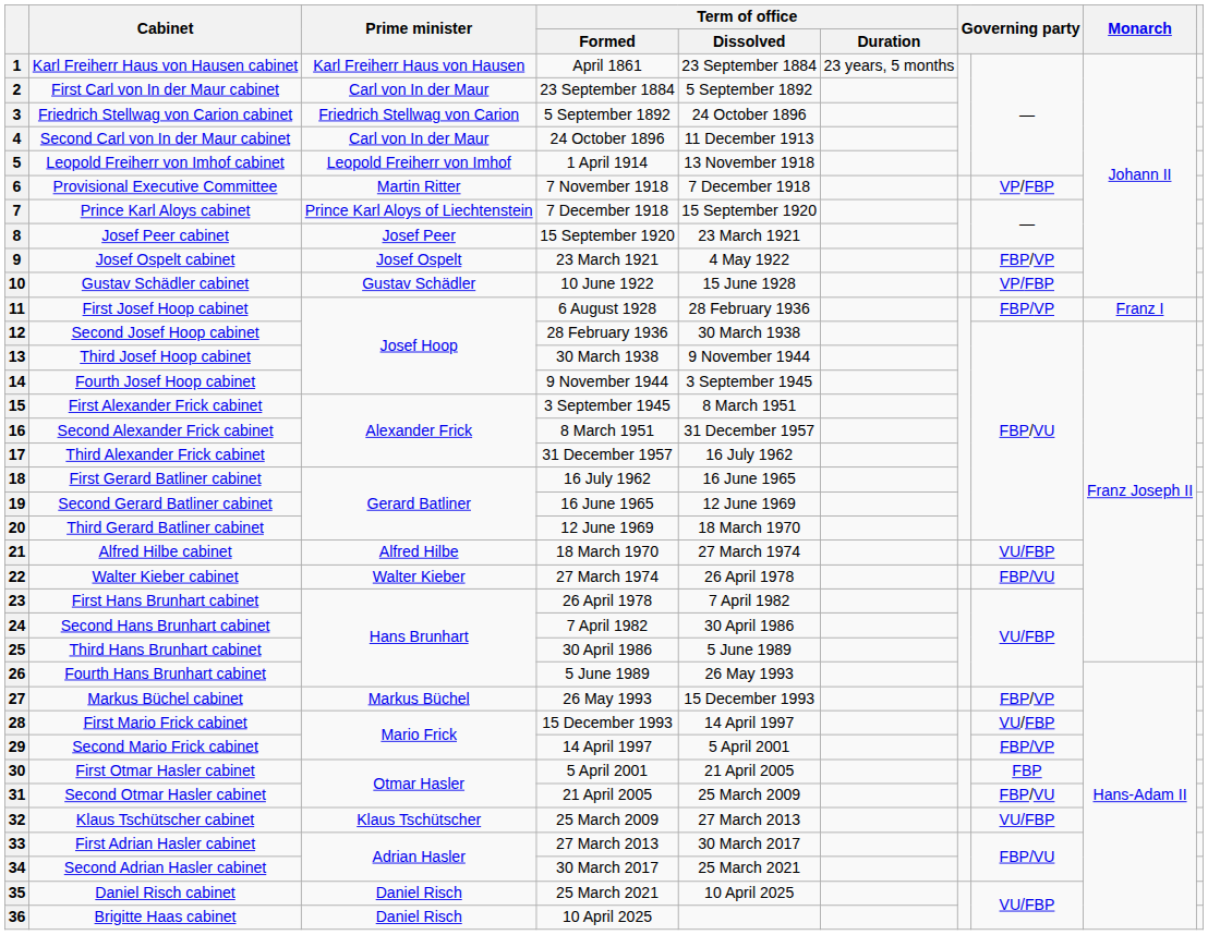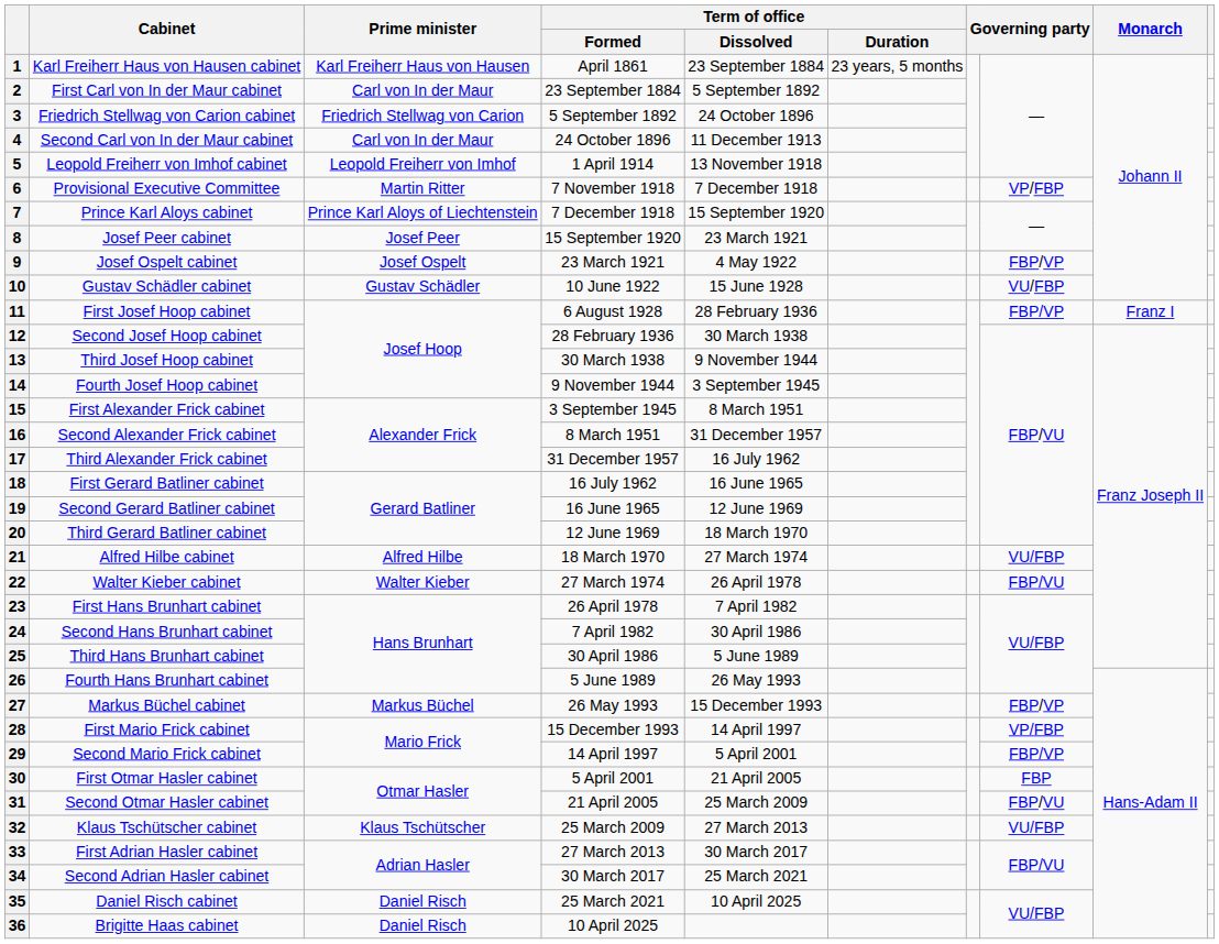 <table class="wikitable" style="text-align:center">
 <tr>
 <th rowspan="2" scope="col"></th>
 <th rowspan="2" scope="col">Cabinet</th>
 <th rowspan="2" scope="col">Prime minister</th>
 <th colspan="3" scope="colgroup">Term of office</th>
 <th colspan="2" rowspan="2" scope="colgroup">Governing party</th>
 <th rowspan="2" scope="col"><a href='#'>Monarch</a><br></th>
 <th rowspan="2"></th>
 </tr>
 <tr>
 <th scope="col">Formed</th>
 <th scope="col">Dissolved</th>
 <th scope="col">Duration</th>
 </tr>
 <tr>
 <th scope="row">1</th>
 <td><a href='#'>Karl Freiherr Haus von Hausen cabinet</a></td>
 <td><a href='#'>Karl Freiherr Haus von Hausen</a></td>
 <td>April 1861</td>
 <td>23 September 1884</td>
 <td>23 years, 5 months</td>
 <td rowspan="5"></td>
 <td rowspan="5">—</td>
 <td rowspan="10"><a href='#'>Johann II</a><br></td>
 <td></td>
 </tr>
 <tr>
 <th scope=row>2</th>
 <td><a href='#'>First Carl von In der Maur cabinet</a></td>
 <td><a href='#'>Carl von In der Maur</a></td>
 <td>23 September 1884</td>
 <td>5 September 1892</td>
 <td></td>
 <td></td>
 </tr>
 <tr>
 <th scope=row>3</th>
 <td><a href='#'>Friedrich Stellwag von Carion cabinet</a></td>
 <td><a href='#'>Friedrich Stellwag von Carion</a></td>
 <td>5 September 1892</td>
 <td>24 October 1896</td>
 <td></td>
 <td></td>
 </tr>
 <tr>
 <th scope=row>4</th>
 <td><a href='#'>Second Carl von In der Maur cabinet</a></td>
 <td><a href='#'>Carl von In der Maur</a></td>
 <td>24 October 1896</td>
 <td>11 December 1913</td>
 <td></td>
 <td></td>
 </tr>
 <tr>
 <th scope=row>5</th>
 <td><a href='#'>Leopold Freiherr von Imhof cabinet</a></td>
 <td><a href='#'>Leopold Freiherr von Imhof</a></td>
 <td>1 April 1914</td>
 <td>13 November 1918</td>
 <td></td>
 <td></td>
 </tr>
 <tr>
 <th scope=row>6</th>
 <td><a href='#'>Provisional Executive Committee</a></td>
 <td><a href='#'>Martin Ritter</a></td>
 <td>7 November 1918</td>
 <td>7 December 1918</td>
 <td></td>
 <td></td>
 <td><a href='#'>VP</a>/<a href='#'>FBP</a></td>
 <td></td>
 </tr>
 <tr>
 <th scope=row>7</th>
 <td><a href='#'>Prince Karl Aloys cabinet</a></td>
 <td><a href='#'>Prince Karl Aloys of Liechtenstein</a></td>
 <td>7 December 1918</td>
 <td>15 September 1920</td>
 <td></td>
 <td rowspan="2"></td>
 <td rowspan="2">—</td>
 <td></td>
 </tr>
 <tr>
 <th scope=row>8</th>
 <td><a href='#'>Josef Peer cabinet</a></td>
 <td><a href='#'>Josef Peer</a></td>
 <td>15 September 1920</td>
 <td>23 March 1921</td>
 <td></td>
 <td></td>
 </tr>
 <tr>
 <th scope=row>9</th>
 <td><a href='#'>Josef Ospelt cabinet</a></td>
 <td><a href='#'>Josef Ospelt</a></td>
 <td>23 March 1921</td>
 <td>4 May 1922</td>
 <td></td>
 <td></td>
 <td><a href='#'>FBP</a>/<a href='#'>VP</a></td>
 <td></td>
 </tr>
 <tr>
 <th scope=row>10</th>
 <td><a href='#'>Gustav Schädler cabinet</a></td>
 <td><a href='#'>Gustav Schädler</a></td>
 <td>10 June 1922</td>
 <td>15 June 1928</td>
 <td></td>
 <td></td>
-<td><a href='#'>VP/</a><a href='#'>FBP</a></td>
+<td><a href='#'>VU</a>/<a href='#'>FBP</a></td>
 <td></td>
 </tr>
 <tr>
 <th scope=row>11</th>
 <td><a href='#'>First Josef Hoop cabinet</a></td>
 <td rowspan="4"><a href='#'>Josef Hoop</a></td>
 <td>6 August 1928</td>
 <td>28 February 1936</td>
 <td></td>
 <td rowspan="10"></td>
 <td><a href='#'>FBP/</a><a href='#'>VP</a></td>
 <td><a href='#'>Franz I</a><br></td>
 <td></td>
 </tr>
 <tr>
 <th scope=row>12</th>
 <td><a href='#'>Second Josef Hoop cabinet</a></td>
 <td>28 February 1936</td>
 <td>30 March 1938</td>
 <td></td>
 <td rowspan="9"><a href='#'>FBP</a>/<a href='#'>VU</a></td>
 <td rowspan="15"><a href='#'>Franz Joseph II</a><br></td>
 <td></td>
 </tr>
 <tr>
 <th scope=row>13</th>
 <td><a href='#'>Third Josef Hoop cabinet</a></td>
 <td>30 March 1938</td>
 <td>9 November 1944</td>
 <td></td>
 <td></td>
 </tr>
 <tr>
 <th scope=row>14</th>
 <td><a href='#'>Fourth Josef Hoop cabinet</a></td>
 <td>9 November 1944</td>
 <td>3 September 1945</td>
 <td></td>
 <td></td>
 </tr>
 <tr>
 <th scope=row>15</th>
 <td><a href='#'>First Alexander Frick cabinet</a></td>
 <td rowspan="3"><a href='#'>Alexander Frick</a></td>
 <td>3 September 1945</td>
 <td>8 March 1951</td>
 <td></td>
 <td></td>
 </tr>
 <tr>
 <th scope=row>16</th>
 <td><a href='#'>Second Alexander Frick cabinet</a></td>
 <td>8 March 1951</td>
 <td>31 December 1957</td>
 <td></td>
 <td></td>
 </tr>
 <tr>
 <th scope=row>17</th>
 <td><a href='#'>Third Alexander Frick cabinet</a></td>
 <td>31 December 1957</td>
 <td>16 July 1962</td>
 <td></td>
 <td></td>
 </tr>
 <tr>
 <th scope=row>18</th>
 <td><a href='#'>First Gerard Batliner cabinet</a></td>
 <td rowspan="3"><a href='#'>Gerard Batliner</a></td>
 <td>16 July 1962</td>
 <td>16 June 1965</td>
 <td></td>
 <td></td>
 </tr>
 <tr>
 <th scope=row>19</th>
 <td><a href='#'>Second Gerard Batliner cabinet</a></td>
 <td>16 June 1965</td>
 <td>12 June 1969</td>
 <td></td>
 <td></td>
 </tr>
 <tr>
 <th scope=row>20</th>
 <td><a href='#'>Third Gerard Batliner cabinet</a></td>
 <td>12 June 1969</td>
 <td>18 March 1970</td>
 <td></td>
 <td></td>
 </tr>
 <tr>
 <th scope=row>21</th>
 <td><a href='#'>Alfred Hilbe cabinet</a></td>
 <td><a href='#'>Alfred Hilbe</a></td>
 <td>18 March 1970</td>
 <td>27 March 1974</td>
 <td></td>
 <td></td>
 <td><a href='#'>VU/</a><a href='#'>FBP</a></td>
 <td></td>
 </tr>
 <tr>
 <th scope=row>22</th>
 <td><a href='#'>Walter Kieber cabinet</a></td>
 <td><a href='#'>Walter Kieber</a></td>
 <td>27 March 1974</td>
 <td>26 April 1978</td>
 <td></td>
 <td></td>
 <td><a href='#'>FBP/</a><a href='#'>VU</a></td>
 <td></td>
 </tr>
 <tr>
 <th scope=row>23</th>
 <td><a href='#'>First Hans Brunhart cabinet</a></td>
 <td rowspan="5"><a href='#'>Hans Brunhart</a></td>
 <td>26 April 1978</td>
 <td>7 April 1982</td>
 <td></td>
 <td rowspan="5"></td>
 <td rowspan="5"><a href='#'>VU/</a><a href='#'>FBP</a></td>
 <td></td>
 </tr>
 <tr>
 <th scope=row>24</th>
 <td><a href='#'>Second Hans Brunhart cabinet</a></td>
 <td>7 April 1982</td>
 <td>30 April 1986</td>
 <td></td>
 <td></td>
 </tr>
 <tr>
 <th scope=row>25</th>
 <td><a href='#'>Third Hans Brunhart cabinet</a></td>
 <td>30 April 1986</td>
 <td>5 June 1989</td>
 <td></td>
 <td></td>
 </tr>
 <tr>
 <th rowspan="2">26</th>
 <td rowspan="2"><a href='#'>Fourth Hans Brunhart cabinet</a></td>
 <td rowspan="2">5 June 1989</td>
 <td rowspan="2">26 May 1993</td>
 <td rowspan="2"></td>
 <td rowspan="2"></td>
 </tr>
 <tr>
 <td rowspan="11"><a href='#'>Hans-Adam II</a><br></td>
 </tr>
 <tr>
 <th scope=row>27</th>
 <td><a href='#'>Markus Büchel cabinet</a></td>
 <td><a href='#'>Markus Büchel</a></td>
 <td>26 May 1993</td>
 <td>15 December 1993</td>
 <td></td>
 <td></td>
 <td><a href='#'>FBP</a>/<a href='#'>VP</a></td>
 <td></td>
 </tr>
 <tr>
 <th scope=row>28</th>
 <td><a href='#'>First Mario Frick cabinet</a></td>
 <td rowspan="2"><a href='#'>Mario Frick</a></td>
 <td>15 December 1993</td>
 <td>14 April 1997</td>
 <td></td>
 <td rowspan="2"></td>
-<td><a href='#'>VU</a>/<a href='#'>FBP</a></td>
+<td><a href='#'>VP/</a><a href='#'>FBP</a></td>
 <td></td>
 </tr>
 <tr>
 <th scope=row>29</th>
 <td><a href='#'>Second Mario Frick cabinet</a></td>
 <td>14 April 1997</td>
 <td>5 April 2001</td>
 <td></td>
 <td><a href='#'>FBP/</a><a href='#'>VP</a></td>
 <td></td>
 </tr>
 <tr>
 <th scope=row>30</th>
 <td><a href='#'>First Otmar Hasler cabinet</a></td>
 <td rowspan="2"><a href='#'>Otmar Hasler</a></td>
 <td>5 April 2001</td>
 <td>21 April 2005</td>
 <td></td>
 <td rowspan="2"></td>
 <td><a href='#'>FBP</a></td>
 <td></td>
 </tr>
 <tr>
 <th scope=row>31</th>
 <td><a href='#'>Second Otmar Hasler cabinet</a></td>
 <td>21 April 2005</td>
 <td>25 March 2009</td>
 <td></td>
 <td><a href='#'>FBP</a>/<a href='#'>VU</a></td>
 <td></td>
 </tr>
 <tr>
 <th scope=row>32</th>
 <td><a href='#'>Klaus Tschütscher cabinet</a></td>
 <td><a href='#'>Klaus Tschütscher</a></td>
 <td>25 March 2009</td>
 <td>27 March 2013</td>
 <td></td>
 <td></td>
 <td><a href='#'>VU/</a><a href='#'>FBP</a></td>
 <td></td>
 </tr>
 <tr>
 <th scope=row>33</th>
 <td><a href='#'>First Adrian Hasler cabinet</a></td>
 <td rowspan="2"><a href='#'>Adrian Hasler</a></td>
 <td>27 March 2013</td>
 <td>30 March 2017</td>
 <td></td>
 <td rowspan="2"></td>
 <td rowspan="2"><a href='#'>FBP/</a><a href='#'>VU</a></td>
 <td></td>
 </tr>
 <tr>
 <th scope=row>34</th>
 <td><a href='#'>Second Adrian Hasler cabinet</a></td>
 <td>30 March 2017</td>
 <td>25 March 2021</td>
 <td></td>
 <td></td>
 </tr>
 <tr>
 <th scope=row>35</th>
 <td><a href='#'>Daniel Risch cabinet</a></td>
 <td><a href='#'>Daniel Risch</a></td>
 <td>25 March 2021</td>
 <td>10 April 2025</td>
 <td></td>
 <td rowspan="2"></td>
 <td rowspan="2"><a href='#'>VU/</a><a href='#'>FBP</a></td>
 <td></td>
 </tr>
 <tr>
 <th>36</th>
 <td><a href='#'>Brigitte Haas cabinet</a></td>
 <td><a href='#'>Daniel Risch</a></td>
 <td>10 April 2025</td>
 <td></td>
 <td></td>
 <td></td>
 </tr>
 </table>
